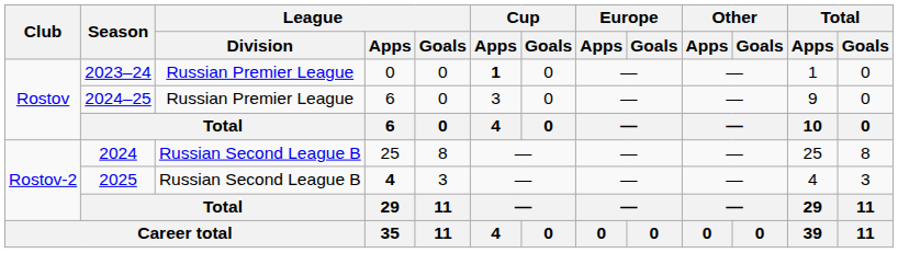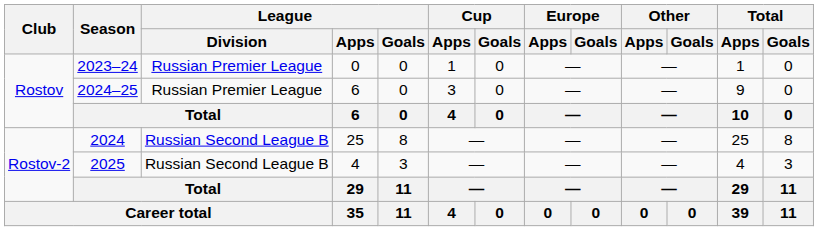 <table class="wikitable" style="text-align: center;">
 <tr>
 <th rowspan="2">Club</th>
 <th rowspan="2">Season</th>
 <th colspan="3">League</th>
 <th colspan="2">Cup</th>
 <th colspan="2">Europe</th>
 <th colspan="2">Other</th>
 <th colspan="2">Total</th>
 </tr>
 <tr>
 <th>Division</th>
 <th>Apps</th>
 <th>Goals</th>
 <th>Apps</th>
 <th>Goals</th>
 <th>Apps</th>
 <th>Goals</th>
 <th>Apps</th>
 <th>Goals</th>
 <th>Apps</th>
 <th>Goals</th>
 </tr>
 <tr>
 <td rowspan="3"><a href='#'>Rostov</a></td>
 <td><a href='#'>2023–24</a></td>
 <td><a href='#'>Russian Premier League</a></td>
 <td>0</td>
 <td>0</td>
-<td><strong>1</strong></td>
+<td>1</td>
 <td>0</td>
 <td colspan="2">—</td>
 <td colspan="2">—</td>
 <td>1</td>
 <td>0</td>
 </tr>
 <tr>
 <td><a href='#'>2024–25</a></td>
 <td>Russian Premier League</td>
 <td>6</td>
 <td>0</td>
 <td>3</td>
 <td>0</td>
 <td colspan="2">—</td>
 <td colspan="2">—</td>
 <td>9</td>
 <td>0</td>
 </tr>
 <tr>
 <th colspan="2">Total</th>
 <th>6</th>
 <th>0</th>
 <th>4</th>
 <th>0</th>
 <th colspan="2">—</th>
 <th colspan="2">—</th>
 <th>10</th>
 <th>0</th>
 </tr>
 <tr>
 <td rowspan="3"><a href='#'>Rostov-2</a></td>
 <td><a href='#'>2024</a></td>
 <td><a href='#'>Russian Second League B</a></td>
 <td>25</td>
 <td>8</td>
 <td colspan="2">—</td>
 <td colspan="2">—</td>
 <td colspan="2">—</td>
 <td>25</td>
 <td>8</td>
 </tr>
 <tr>
 <td><a href='#'>2025</a></td>
 <td>Russian Second League B</td>
-<td><strong>4</strong></td>
+<td>4</td>
 <td>3</td>
 <td colspan="2">—</td>
 <td colspan="2">—</td>
 <td colspan="2">—</td>
 <td>4</td>
 <td>3</td>
 </tr>
 <tr>
 <th colspan="2">Total</th>
 <th>29</th>
 <th>11</th>
 <th colspan="2">—</th>
 <th colspan="2">—</th>
 <th colspan="2">—</th>
 <th>29</th>
 <th>11</th>
 </tr>
 <tr>
 <th colspan="3">Career total</th>
 <th>35</th>
 <th>11</th>
 <th>4</th>
 <th>0</th>
 <th>0</th>
 <th>0</th>
 <th>0</th>
 <th>0</th>
 <th>39</th>
 <th>11</th>
 </tr>
 </table>
